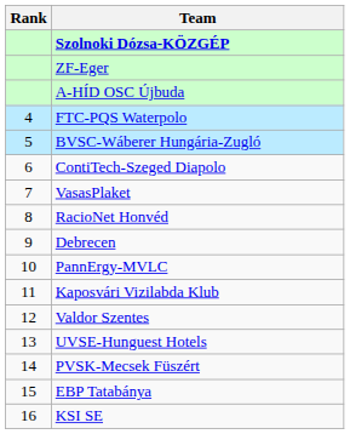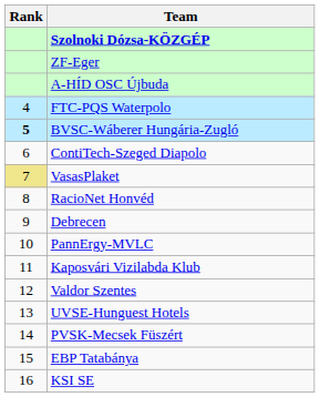 <table class="wikitable">
 <tr>
 <th width=40>Rank</th>
 <th width=290>Team</th>
 </tr>
 <tr bgcolor=#ccffcc>
 <td align="center"></td>
 <td align="left"> <strong><a href='#'>Szolnoki Dózsa-KÖZGÉP</a></strong></td>
 </tr>
 <tr bgcolor=#ccffcc>
 <td align="center"></td>
 <td align="left"> <a href='#'>ZF-Eger</a></td>
 </tr>
 <tr bgcolor=#ccffcc>
 <td align="center"></td>
 <td align="left"> <a href='#'>A-HÍD OSC Újbuda</a></td>
 </tr>
 <tr bgcolor=#bbebff>
 <td align="center">4</td>
 <td align="left"> <a href='#'>FTC-PQS Waterpolo</a></td>
 </tr>
 <tr bgcolor=#bbebff>
-<td align="center">5</td>
+<td align="center"><strong>5</strong></td>
 <td align="left"> <a href='#'>BVSC-Wáberer Hungária-Zugló</a></td>
 </tr>
 <tr>
 <td align="center">6</td>
 <td align="left"> <a href='#'>ContiTech-Szeged Diapolo</a></td>
 </tr>
 <tr>
-<td align="center">7</td>
+<td align="center" style="background: khaki;">7</td>
 <td align="left"> <a href='#'>VasasPlaket</a></td>
 </tr>
 <tr>
 <td align="center">8</td>
 <td align="left"> <a href='#'>RacioNet Honvéd</a></td>
 </tr>
 <tr>
 <td align="center">9</td>
 <td align="left"> <a href='#'>Debrecen</a></td>
 </tr>
 <tr>
 <td align="center">10</td>
 <td align="left"> <a href='#'>PannErgy-MVLC</a></td>
 </tr>
 <tr>
 <td align="center">11</td>
 <td align="left"> <a href='#'>Kaposvári Vizilabda Klub</a></td>
 </tr>
 <tr>
 <td align="center">12</td>
 <td align="left"> <a href='#'>Valdor Szentes</a></td>
 </tr>
 <tr>
 <td align="center">13</td>
 <td align="left"> <a href='#'>UVSE-Hunguest Hotels</a></td>
 </tr>
 <tr>
 <td align="center">14</td>
 <td align="left"> <a href='#'>PVSK-Mecsek Füszért</a></td>
 </tr>
 <tr>
 <td align="center">15</td>
 <td align="left"> <a href='#'>EBP Tatabánya</a></td>
 </tr>
 <tr>
 <td align="center">16</td>
 <td align="left"> <a href='#'>KSI SE</a></td>
 </tr>
 </table>
